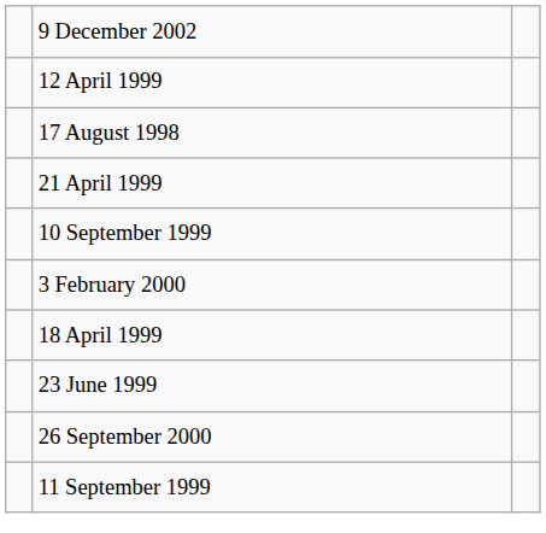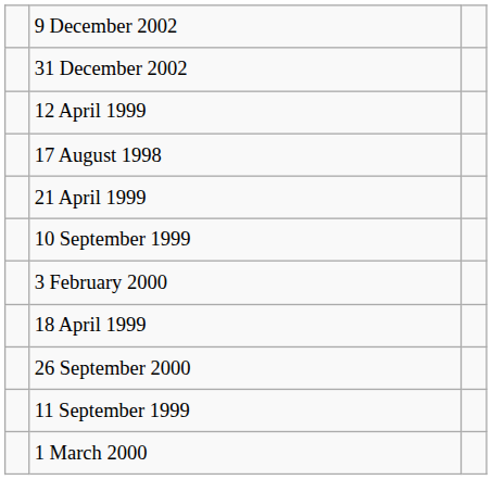 <table class="wikitable" style="font-size: 89%; float: left; width: 24em; margin-right: 1em; line-height: 1.65em !important; height: 324px;">
 <tr>
 <td></td>
 <td>9 December 2002</td>
+<td></td>
+</tr>
+<tr>
+<td></td>
+<td>31 December 2002</td>
 <td></td>
 </tr>
 <tr>
 <td></td>
 <td>12 April 1999</td>
 <td></td>
 </tr>
 <tr>
 <td></td>
 <td>17 August 1998</td>
 <td></td>
 </tr>
 <tr>
 <td></td>
 <td>21 April 1999</td>
 <td></td>
 </tr>
 <tr>
 <td></td>
 <td>10 September 1999</td>
 <td></td>
 </tr>
 <tr>
 <td></td>
 <td>3 February 2000</td>
 <td></td>
 </tr>
 <tr>
 <td></td>
 <td>18 April 1999</td>
 <td></td>
 </tr>
 <tr>
 <td></td>
-<td>23 June 1999</td>
-<td></td>
-</tr>
-<tr>
-<td></td>
 <td>26 September 2000</td>
 <td></td>
 </tr>
 <tr>
 <td></td>
 <td>11 September 1999</td>
 <td></td>
 </tr>
+<tr>
+<td></td>
+<td>1 March 2000</td>
+<td></td>
+</tr>
 </table>
